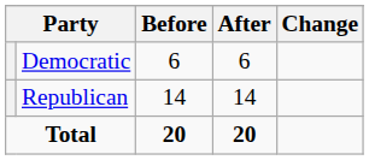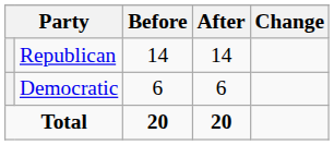 <table class="wikitable" style="text-align:center;">
 <tr>
 </tr>
 <tr>
 <th colspan=2>Party</th>
 <th>Before</th>
 <th>After</th>
 <th>Change</th>
 </tr>
 <tr>
 <th style="background-color:"></th>
-<td style="text-align:left;"><a href='#'>Democratic</a></td>
-<td>6</td>
-<td>6</td>
+<td style="text-align:left;"><a href='#'>Republican</a></td>
+<td>14</td>
+<td>14</td>
 <td></td>
 </tr>
 <tr>
 <th style="background-color:"></th>
-<td style="text-align:left;"><a href='#'>Republican</a></td>
-<td>14</td>
-<td>14</td>
+<td style="text-align:left;"><a href='#'>Democratic</a></td>
+<td>6</td>
+<td>6</td>
 <td></td>
 </tr>
 <tr>
 <td colspan=2><strong>Total</strong></td>
 <td><strong>20</strong></td>
 <td><strong>20</strong></td>
 <td></td>
 </tr>
 </table>
